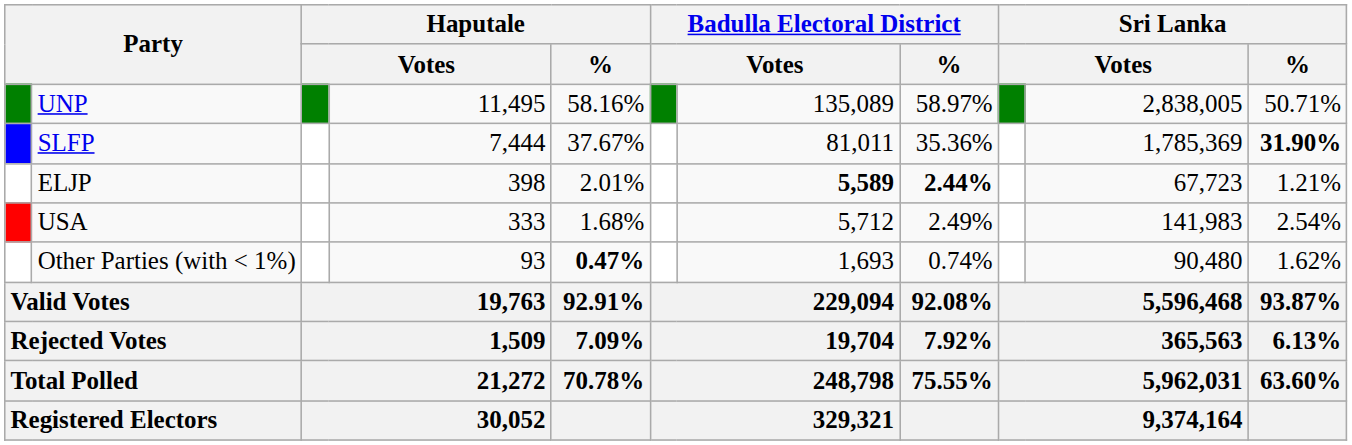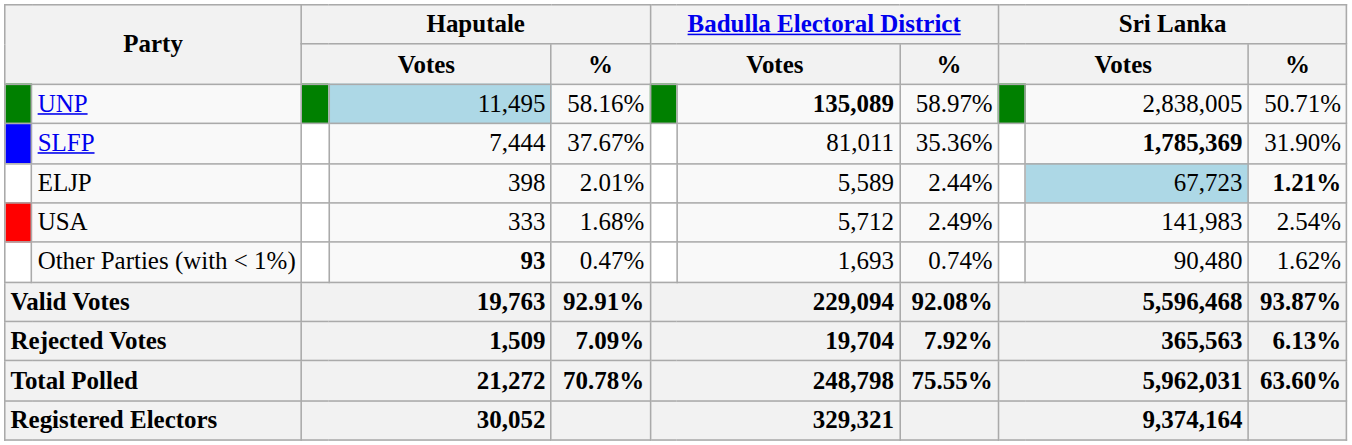 <table class="wikitable">
 <tr>
 <th colspan="2" width="144px"rowspan="2">Party</th>
 <th colspan="3" width="216px">Haputale</th>
 <th colspan="3" width="216px"><a href='#'>Badulla Electoral District</a></th>
 <th colspan="3" width="216px">Sri Lanka</th>
 </tr>
 <tr>
 <th colspan="2" width="144px">Votes</th>
 <th>%</th>
 <th colspan="2" width="144px">Votes</th>
 <th>%</th>
 <th colspan="2" width="144px">Votes</th>
 <th>%</th>
 </tr>
 <tr>
 <td style="background-color:green;" width="10px"></td>
 <td style="text-align:left;"><a href='#'>UNP</a></td>
 <td style="background-color:green;" width="10px"></td>
-<td style="text-align:right;">11,495</td>
+<td style="background: lightblue; text-align:right;">11,495</td>
 <td style="text-align:right;">58.16%</td>
 <td style="background-color:green;" width="10px"></td>
-<td style="text-align:right;">135,089</td>
+<td style="text-align:right;"><strong>135,089</strong></td>
 <td style="text-align:right;">58.97%</td>
 <td style="background-color:green;" width="10px"></td>
 <td style="text-align:right;">2,838,005</td>
 <td style="text-align:right;">50.71%</td>
 </tr>
 <tr>
 <td style="background-color:blue;" width="10px"></td>
 <td style="text-align:left;"><a href='#'>SLFP</a></td>
 <td style="background-color:white;" width="10px"></td>
 <td style="text-align:right;">7,444</td>
 <td style="text-align:right;">37.67%</td>
 <td style="background-color:white;" width="10px"></td>
 <td style="text-align:right;">81,011</td>
 <td style="text-align:right;">35.36%</td>
 <td style="background-color:white;" width="10px"></td>
-<td style="text-align:right;">1,785,369</td>
-<td style="text-align:right;"><strong>31.90%</strong></td>
+<td style="text-align:right;"><strong>1,785,369</strong></td>
+<td style="text-align:right;">31.90%</td>
 </tr>
 <tr>
 <td style="background-color:white;" width="10px"></td>
 <td style="text-align:left;">ELJP</td>
 <td style="background-color:white;" width="10px"></td>
 <td style="text-align:right;">398</td>
 <td style="text-align:right;">2.01%</td>
 <td style="background-color:white;" width="10px"></td>
-<td style="text-align:right;"><strong>5,589</strong></td>
-<td style="text-align:right;"><strong>2.44%</strong></td>
+<td style="text-align:right;">5,589</td>
+<td style="text-align:right;">2.44%</td>
 <td style="background-color:white;" width="10px"></td>
-<td style="text-align:right;">67,723</td>
-<td style="text-align:right;">1.21%</td>
+<td style="background: lightblue; text-align:right;">67,723</td>
+<td style="text-align:right;"><strong>1.21%</strong></td>
 </tr>
 <tr>
 <td style="background-color:red;" width="10px"></td>
 <td style="text-align:left;">USA</td>
 <td style="background-color:white;" width="10px"></td>
 <td style="text-align:right;">333</td>
 <td style="text-align:right;">1.68%</td>
 <td style="background-color:white;" width="10px"></td>
 <td style="text-align:right;">5,712</td>
 <td style="text-align:right;">2.49%</td>
 <td style="background-color:white;" width="10px"></td>
 <td style="text-align:right;">141,983</td>
 <td style="text-align:right;">2.54%</td>
 </tr>
 <tr>
 <td style="background-color:white;" width="10px"></td>
 <td style="text-align:left;">Other Parties (with < 1%)</td>
 <td style="background-color:white;" width="10px"></td>
-<td style="text-align:right;">93</td>
-<td style="text-align:right;"><strong>0.47%</strong></td>
+<td style="text-align:right;"><strong>93</strong></td>
+<td style="text-align:right;">0.47%</td>
 <td style="background-color:white;" width="10px"></td>
 <td style="text-align:right;">1,693</td>
 <td style="text-align:right;">0.74%</td>
 <td style="background-color:white;" width="10px"></td>
 <td style="text-align:right;">90,480</td>
 <td style="text-align:right;">1.62%</td>
 </tr>
 <tr>
 <th colspan="2" width="144px"style="text-align:left;">Valid Votes</th>
 <th style="text-align:right;"colspan="2" width="144px">19,763</th>
 <th style="text-align:right;">92.91%</th>
 <th style="text-align:right;"colspan="2" width="144px">229,094</th>
 <th style="text-align:right;">92.08%</th>
 <th style="text-align:right;"colspan="2" width="144px">5,596,468</th>
 <th style="text-align:right;">93.87%</th>
 </tr>
 <tr>
 <th colspan="2" width="144px"style="text-align:left;">Rejected Votes</th>
 <th style="text-align:right;"colspan="2" width="144px">1,509</th>
 <th style="text-align:right;">7.09%</th>
 <th style="text-align:right;"colspan="2" width="144px">19,704</th>
 <th style="text-align:right;">7.92%</th>
 <th style="text-align:right;"colspan="2" width="144px">365,563</th>
 <th style="text-align:right;">6.13%</th>
 </tr>
 <tr>
 <th colspan="2" width="144px"style="text-align:left;">Total Polled</th>
 <th style="text-align:right;"colspan="2" width="144px">21,272</th>
 <th style="text-align:right;">70.78%</th>
 <th style="text-align:right;"colspan="2" width="144px">248,798</th>
 <th style="text-align:right;">75.55%</th>
 <th style="text-align:right;"colspan="2" width="144px">5,962,031</th>
 <th style="text-align:right;">63.60%</th>
 </tr>
 <tr>
 <th colspan="2" width="144px"style="text-align:left;">Registered Electors</th>
 <th style="text-align:right;"colspan="2" width="144px">30,052</th>
 <th></th>
 <th style="text-align:right;"colspan="2" width="144px">329,321</th>
 <th></th>
 <th style="text-align:right;"colspan="2" width="144px">9,374,164</th>
 <th></th>
 </tr>
 </table>
